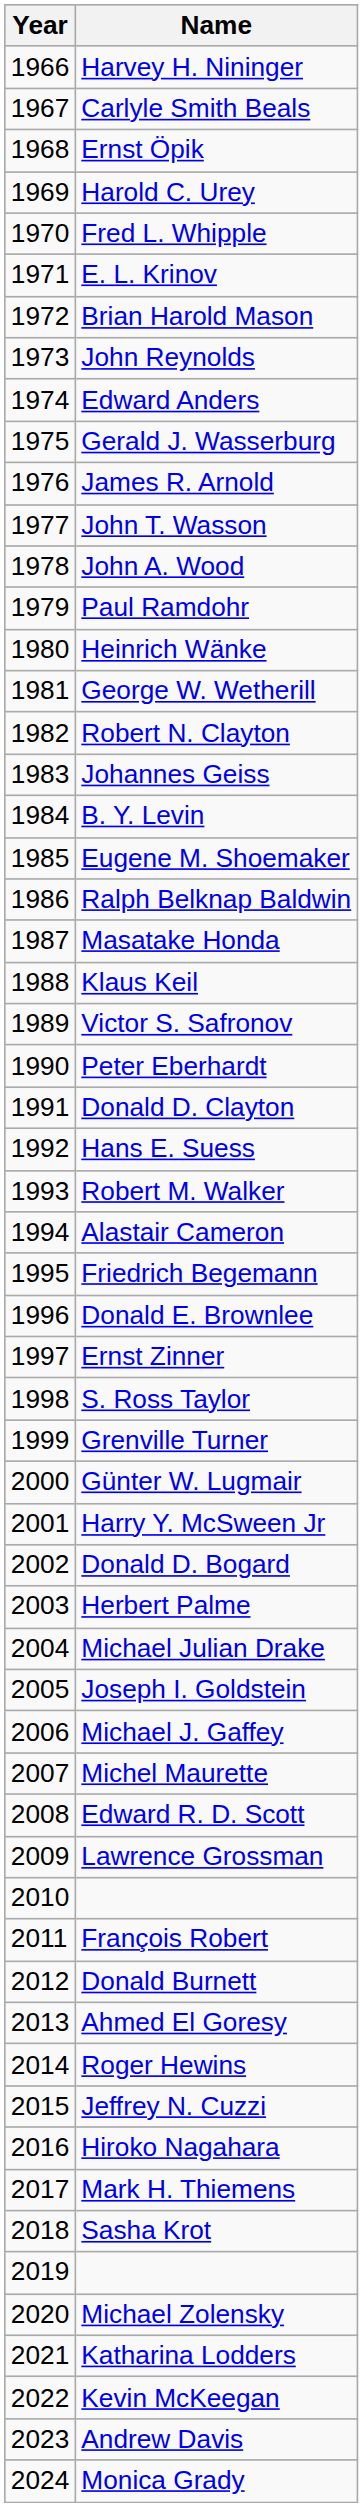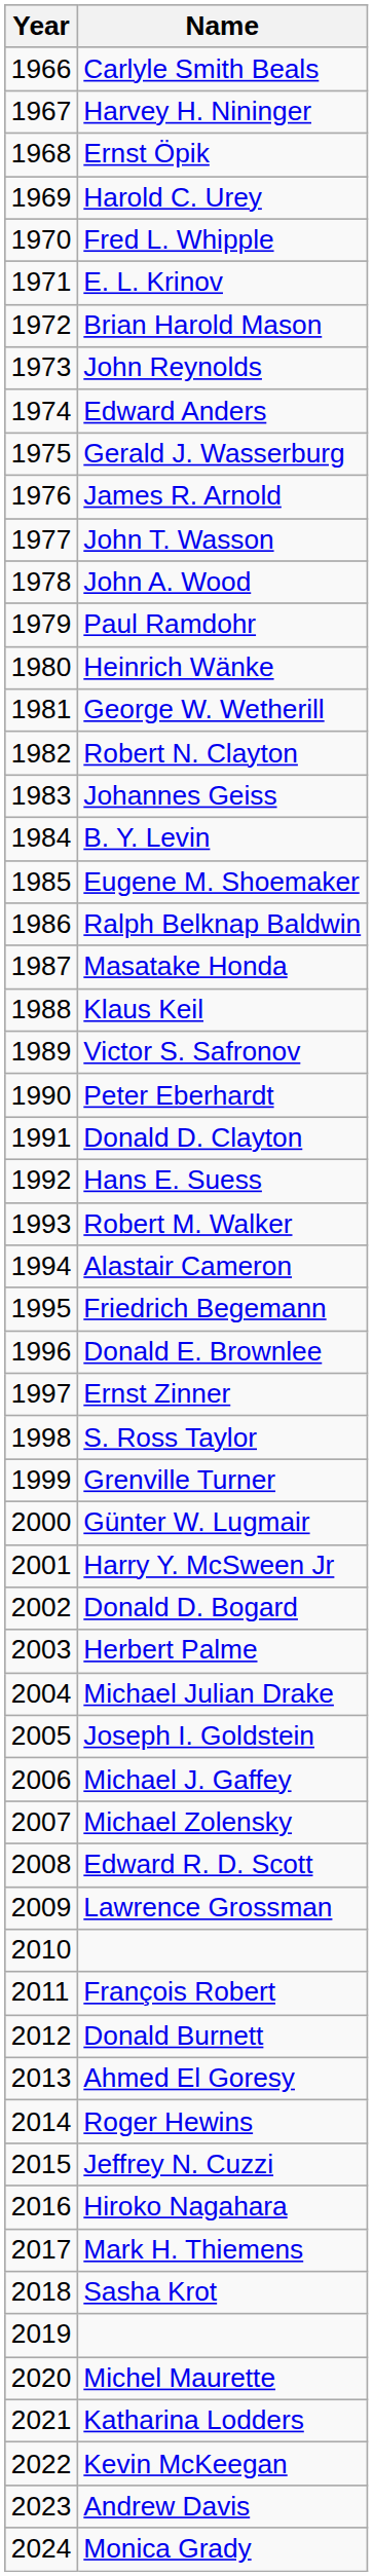 <table class="wikitable" align=center>
 <tr>
 <th>Year</th>
 <th>Name</th>
 </tr>
 <tr>
 <td>1966</td>
-<td><a href='#'>Harvey H. Nininger</a></td>
+<td><a href='#'>Carlyle Smith Beals</a></td>
 </tr>
 <tr>
 <td>1967</td>
-<td><a href='#'>Carlyle Smith Beals</a></td>
+<td><a href='#'>Harvey H. Nininger</a></td>
 </tr>
 <tr>
 <td>1968</td>
 <td><a href='#'>Ernst Öpik</a></td>
 </tr>
 <tr>
 <td>1969</td>
 <td><a href='#'>Harold C. Urey</a></td>
 </tr>
 <tr>
 <td>1970</td>
 <td><a href='#'>Fred L. Whipple</a></td>
 </tr>
 <tr>
 <td>1971</td>
 <td><a href='#'>E. L. Krinov</a></td>
 </tr>
 <tr>
 <td>1972</td>
 <td><a href='#'>Brian Harold Mason</a></td>
 </tr>
 <tr>
 <td>1973</td>
 <td><a href='#'>John Reynolds</a></td>
 </tr>
 <tr>
 <td>1974</td>
 <td><a href='#'>Edward Anders</a></td>
 </tr>
 <tr>
 <td>1975</td>
 <td><a href='#'>Gerald J. Wasserburg</a></td>
 </tr>
 <tr>
 <td>1976</td>
 <td><a href='#'>James R. Arnold</a></td>
 </tr>
 <tr>
 <td>1977</td>
 <td><a href='#'>John T. Wasson</a></td>
 </tr>
 <tr>
 <td>1978</td>
 <td><a href='#'>John A. Wood</a></td>
 </tr>
 <tr>
 <td>1979</td>
 <td><a href='#'>Paul Ramdohr</a></td>
 </tr>
 <tr>
 <td>1980</td>
 <td><a href='#'>Heinrich Wänke</a></td>
 </tr>
 <tr>
 <td>1981</td>
 <td><a href='#'>George W. Wetherill</a></td>
 </tr>
 <tr>
 <td>1982</td>
 <td><a href='#'>Robert N. Clayton</a></td>
 </tr>
 <tr>
 <td>1983</td>
 <td><a href='#'>Johannes Geiss</a></td>
 </tr>
 <tr>
 <td>1984</td>
 <td><a href='#'>B. Y. Levin</a></td>
 </tr>
 <tr>
 <td>1985</td>
 <td><a href='#'>Eugene M. Shoemaker</a></td>
 </tr>
 <tr>
 <td>1986</td>
 <td><a href='#'>Ralph Belknap Baldwin</a></td>
 </tr>
 <tr>
 <td>1987</td>
 <td><a href='#'>Masatake Honda</a></td>
 </tr>
 <tr>
 <td>1988</td>
 <td><a href='#'>Klaus Keil</a></td>
 </tr>
 <tr>
 <td>1989</td>
 <td><a href='#'>Victor S. Safronov</a></td>
 </tr>
 <tr>
 <td>1990</td>
 <td><a href='#'>Peter Eberhardt</a></td>
 </tr>
 <tr>
 <td>1991</td>
 <td><a href='#'>Donald D. Clayton</a></td>
 </tr>
 <tr>
 <td>1992</td>
 <td><a href='#'>Hans E. Suess</a></td>
 </tr>
 <tr>
 <td>1993</td>
 <td><a href='#'>Robert M. Walker</a></td>
 </tr>
 <tr>
 <td>1994</td>
 <td><a href='#'>Alastair Cameron</a></td>
 </tr>
 <tr>
 <td>1995</td>
 <td><a href='#'>Friedrich Begemann</a></td>
 </tr>
 <tr>
 <td>1996</td>
 <td><a href='#'>Donald E. Brownlee</a></td>
 </tr>
 <tr>
 <td>1997</td>
 <td><a href='#'>Ernst Zinner</a></td>
 </tr>
 <tr>
 <td>1998</td>
 <td><a href='#'>S. Ross Taylor</a></td>
 </tr>
 <tr>
 <td>1999</td>
 <td><a href='#'>Grenville Turner</a></td>
 </tr>
 <tr>
 <td>2000</td>
 <td><a href='#'>Günter W. Lugmair</a></td>
 </tr>
 <tr>
 <td>2001</td>
 <td><a href='#'>Harry Y. McSween Jr</a></td>
 </tr>
 <tr>
 <td>2002</td>
 <td><a href='#'>Donald D. Bogard</a></td>
 </tr>
 <tr>
 <td>2003</td>
 <td><a href='#'>Herbert Palme</a></td>
 </tr>
 <tr>
 <td>2004</td>
 <td><a href='#'>Michael Julian Drake</a></td>
 </tr>
 <tr>
 <td>2005</td>
 <td><a href='#'>Joseph I. Goldstein</a></td>
 </tr>
 <tr>
 <td>2006</td>
 <td><a href='#'>Michael J. Gaffey</a></td>
 </tr>
 <tr>
 <td>2007</td>
-<td><a href='#'>Michel Maurette</a></td>
+<td><a href='#'>Michael Zolensky</a></td>
 </tr>
 <tr>
 <td>2008</td>
 <td><a href='#'>Edward R. D. Scott</a></td>
 </tr>
 <tr>
 <td>2009</td>
 <td><a href='#'>Lawrence Grossman</a></td>
 </tr>
 <tr>
 <td>2010</td>
 <td></td>
 </tr>
 <tr>
 <td>2011</td>
 <td><a href='#'>François Robert</a></td>
 </tr>
 <tr>
 <td>2012</td>
 <td><a href='#'>Donald Burnett</a></td>
 </tr>
 <tr>
 <td>2013</td>
 <td><a href='#'>Ahmed El Goresy</a></td>
 </tr>
 <tr>
 <td>2014</td>
 <td><a href='#'>Roger Hewins</a></td>
 </tr>
 <tr>
 <td>2015</td>
 <td><a href='#'>Jeffrey N. Cuzzi</a></td>
 </tr>
 <tr>
 <td>2016</td>
 <td><a href='#'>Hiroko Nagahara</a></td>
 </tr>
 <tr>
 <td>2017</td>
 <td><a href='#'>Mark H. Thiemens</a></td>
 </tr>
 <tr>
 <td>2018</td>
 <td><a href='#'>Sasha Krot</a></td>
 </tr>
 <tr>
 <td>2019</td>
 <td></td>
 </tr>
 <tr>
 <td>2020</td>
-<td><a href='#'>Michael Zolensky</a></td>
+<td><a href='#'>Michel Maurette</a></td>
 </tr>
 <tr>
 <td>2021</td>
 <td><a href='#'>Katharina Lodders</a></td>
 </tr>
 <tr>
 <td>2022</td>
 <td><a href='#'>Kevin McKeegan</a></td>
 </tr>
 <tr>
 <td>2023</td>
 <td><a href='#'>Andrew Davis</a></td>
 </tr>
 <tr>
 <td>2024</td>
 <td><a href='#'>Monica Grady</a></td>
 </tr>
 </table>
